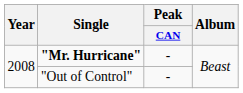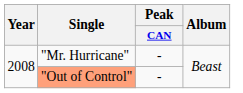 <table class="wikitable" style="text-align:center;">
 <tr>
 <th rowspan="2">Year</th>
 <th rowspan="2">Single</th>
 <th colspan="1">Peak</th>
 <th rowspan="2">Album</th>
 </tr>
 <tr style="font-size:smaller;">
 <th width="50"><a href='#'>CAN</a></th>
 </tr>
 <tr>
 <td rowspan="2">2008</td>
-<td align="left"><strong>"Mr. Hurricane"</strong></td>
+<td align="left">"Mr. Hurricane"</td>
 <td>-</td>
 <td rowspan="2"><em>Beast</em></td>
 </tr>
 <tr>
-<td align="left">"Out of Control"</td>
+<td align="left" style="background: lightsalmon;">"Out of Control"</td>
 <td>-</td>
 </tr>
 </table>
